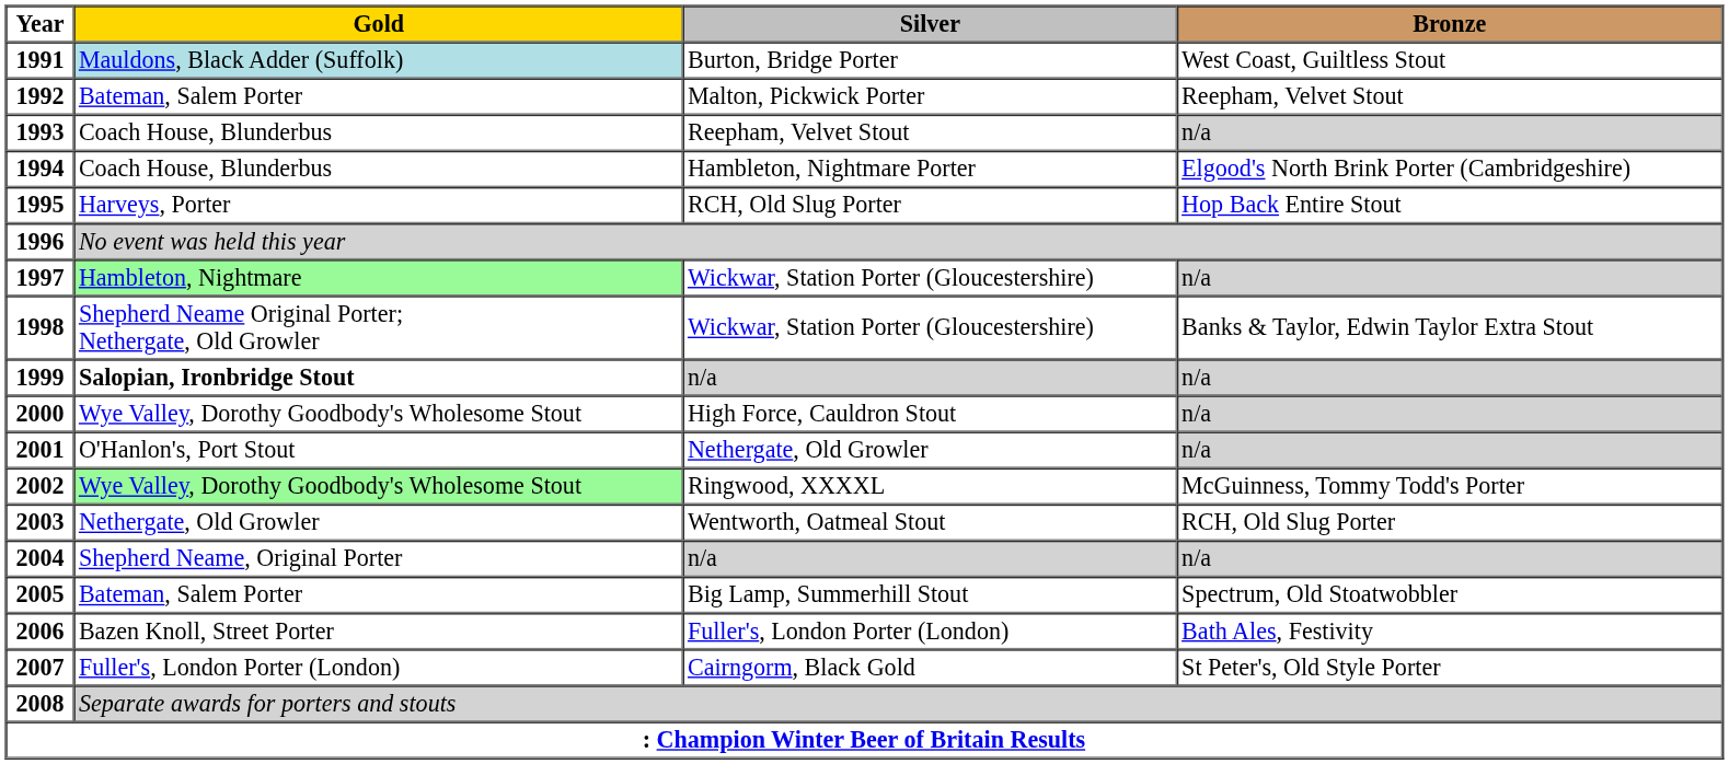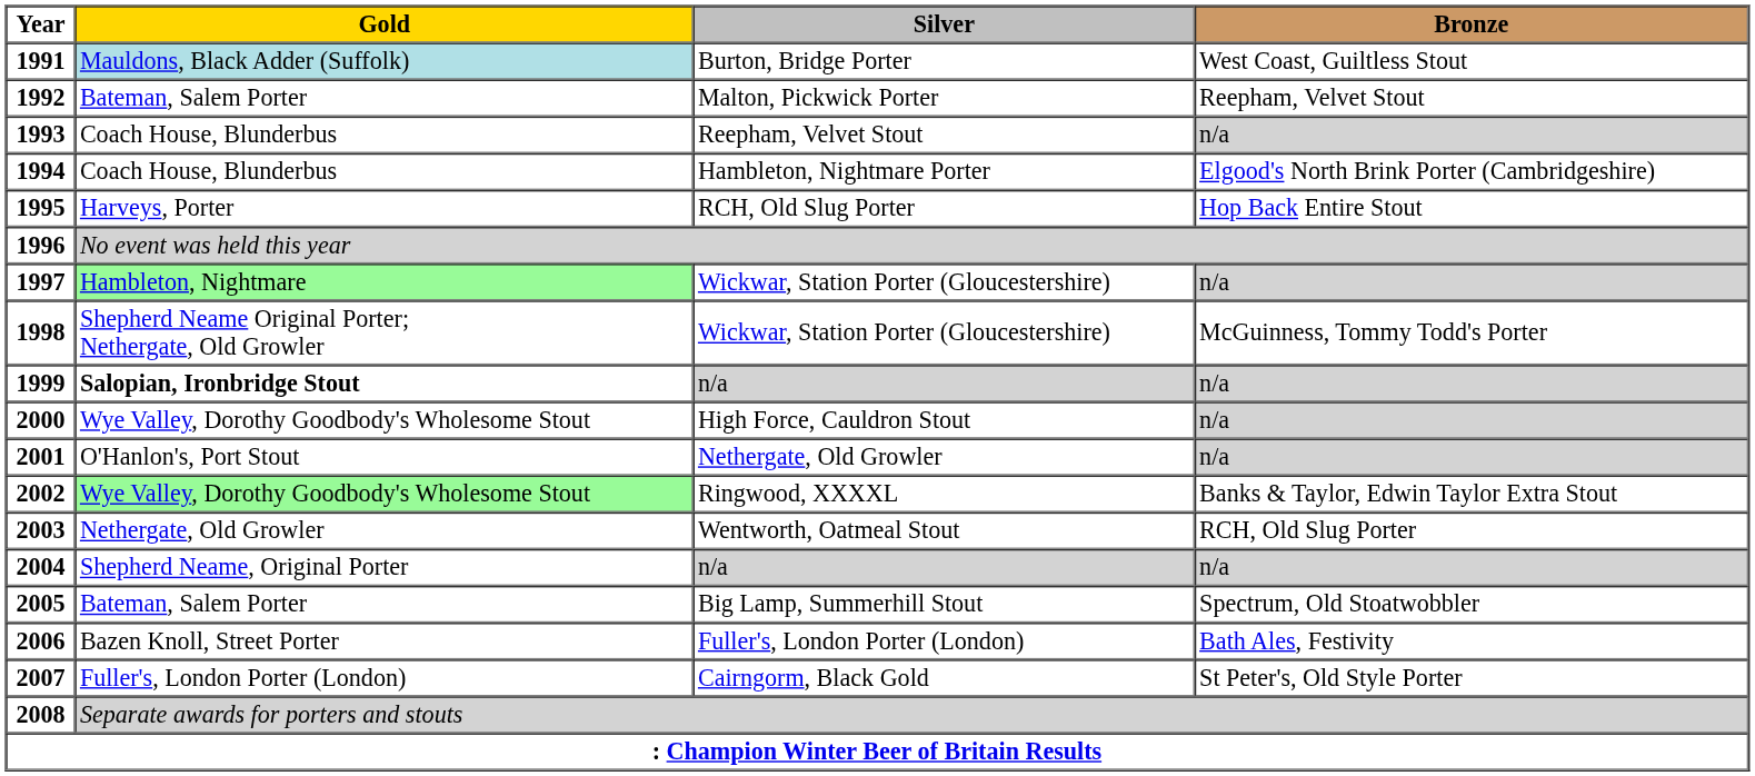 <table | width=90% border=1 cellpadding=2 cellspacing=0>
 <tr>
 <th>Year</th>
 <th style="background:gold;"><strong>Gold</strong></th>
 <th style="background:silver;"><strong>Silver</strong></th>
 <th style="background:#c96;"><strong>Bronze</strong></th>
 </tr>
 <tr>
 <th>1991</th>
 <td style="background:powderblue;"><a href='#'>Mauldons</a>, Black Adder (Suffolk)</td>
 <td>Burton, Bridge Porter</td>
 <td>West Coast, Guiltless Stout</td>
 </tr>
 <tr>
 <th>1992</th>
 <td><a href='#'>Bateman</a>, Salem Porter</td>
 <td>Malton, Pickwick Porter</td>
 <td>Reepham, Velvet Stout</td>
 </tr>
 <tr>
 <th>1993</th>
 <td>Coach House, Blunderbus</td>
 <td>Reepham, Velvet Stout</td>
 <td style="background:lightgray;">n/a</td>
 </tr>
 <tr>
 <th>1994</th>
 <td>Coach House, Blunderbus</td>
 <td>Hambleton, Nightmare Porter</td>
 <td><a href='#'>Elgood's</a> North Brink Porter (Cambridgeshire)</td>
 </tr>
 <tr>
 <th>1995</th>
 <td><a href='#'>Harveys</a>, Porter</td>
 <td>RCH, Old Slug Porter</td>
 <td><a href='#'>Hop Back</a> Entire Stout</td>
 </tr>
 <tr>
 <th>1996</th>
 <td style="background:lightgray;" colspan="3"><em>No event was held this year</em></td>
 </tr>
 <tr>
 <th>1997</th>
 <td style="background:palegreen;"><a href='#'>Hambleton</a>, Nightmare</td>
 <td><a href='#'>Wickwar</a>, Station Porter (Gloucestershire)</td>
 <td style="background:lightgray;">n/a</td>
 </tr>
 <tr>
 <th>1998</th>
 <td><a href='#'>Shepherd Neame</a> Original Porter;<br> <span><a href='#'>Nethergate</a>, Old Growler</span></td>
 <td><a href='#'>Wickwar</a>, Station Porter (Gloucestershire)</td>
-<td>Banks & Taylor, Edwin Taylor Extra Stout</td>
+<td>McGuinness, Tommy Todd's Porter</td>
 </tr>
 <tr>
 <th>1999</th>
 <td><strong>Salopian, Ironbridge Stout</strong></td>
 <td style="background:lightgray;">n/a</td>
 <td style="background:lightgray;">n/a</td>
 </tr>
 <tr>
 <th>2000</th>
 <td><a href='#'>Wye Valley</a>, Dorothy Goodbody's Wholesome Stout</td>
 <td>High Force, Cauldron Stout</td>
 <td style="background:lightgray;">n/a</td>
 </tr>
 <tr>
 <th>2001</th>
 <td>O'Hanlon's, Port Stout</td>
 <td><a href='#'>Nethergate</a>, Old Growler</td>
 <td style="background:lightgray;">n/a</td>
 </tr>
 <tr>
 <th>2002</th>
 <td style="background:palegreen;"><a href='#'>Wye Valley</a>, Dorothy Goodbody's Wholesome Stout</td>
 <td>Ringwood, XXXXL</td>
-<td>McGuinness, Tommy Todd's Porter</td>
+<td>Banks & Taylor, Edwin Taylor Extra Stout</td>
 </tr>
 <tr>
 <th>2003</th>
 <td><a href='#'>Nethergate</a>, Old Growler</td>
 <td>Wentworth, Oatmeal Stout</td>
 <td>RCH, Old Slug Porter</td>
 </tr>
 <tr>
 <th>2004</th>
 <td><a href='#'>Shepherd Neame</a>, Original Porter</td>
 <td style="background:lightgray;">n/a</td>
 <td style="background:lightgray;">n/a</td>
 </tr>
 <tr>
 <th>2005</th>
 <td><a href='#'>Bateman</a>, Salem Porter</td>
 <td>Big Lamp, Summerhill Stout</td>
 <td>Spectrum, Old Stoatwobbler</td>
 </tr>
 <tr>
 <th>2006</th>
 <td>Bazen Knoll, Street Porter</td>
 <td><a href='#'>Fuller's</a>, London Porter (London)</td>
 <td><a href='#'>Bath Ales</a>, Festivity</td>
 </tr>
 <tr>
 <th>2007</th>
 <td><a href='#'>Fuller's</a>, London Porter (London)</td>
 <td><a href='#'>Cairngorm</a>, Black Gold</td>
 <td>St Peter's, Old Style Porter</td>
 </tr>
 <tr>
 <th>2008</th>
 <td style="background:lightgray;" colspan="3"><em>Separate awards for porters and stouts</em></td>
 </tr>
 <tr>
 <th colspan="4">: <a href='#'>Champion Winter Beer of Britain Results</a></th>
 </tr>
 </table>
